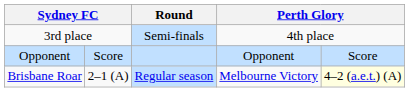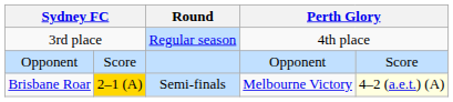 <table class="wikitable" style="text-align:center">
 <tr>
 <th colspan="2"><a href='#'>Sydney FC</a></th>
 <th>Round</th>
 <th colspan="4"><a href='#'>Perth Glory</a></th>
 </tr>
 <tr>
 <td colspan="2" valign="top">3rd place</td>
-<td style="background:#c1e0ff">Semi-finals</td>
+<td style="background:#c1e0ff"><a href='#'>Regular season</a></td>
 <td colspan="4" valign="top">4th place</td>
 </tr>
 <tr>
 <td style="background:#c1e0ff">Opponent</td>
 <td style="background:#c1e0ff">Score</td>
 <td style="background:#c1e0ff"></td>
 <td style="background:#c1e0ff">Opponent</td>
 <td style="background:#c1e0ff">Score</td>
 </tr>
 <tr>
 <td><a href='#'>Brisbane Roar</a></td>
-<td>2–1 (A)</td>
-<td style="background:#c1e0ff"><a href='#'>Regular season</a></td>
+<td style="background: gold;">2–1 (A)</td>
+<td style="background:#c1e0ff">Semi-finals</td>
 <td><a href='#'>Melbourne Victory</a></td>
 <td style="background: lightyellow;">4–2 (<a href='#'>a.e.t.</a>) (A)</td>
 </tr>
 </table>
